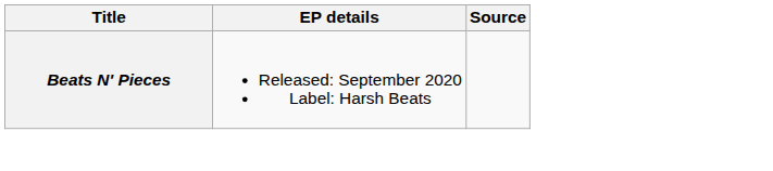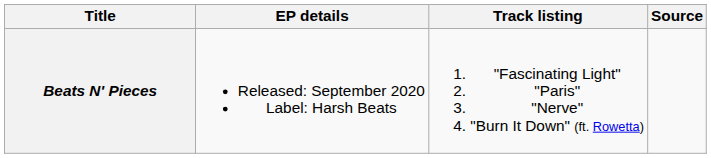 <table class="wikitable plainrowheaders" style="text-align:center;">
 <tr>
 <th scope="col" style="width:12em;">Title</th>
 <th scope="col">EP details</th>
+<th scope="col">Track listing</th>
 <th>Source</th>
 </tr>
 <tr>
 <th scope="row"><strong><em>Beats N' Pieces</em></strong></th>
 <td><br><ul><li>Released: September 2020</li><li>Label: Harsh Beats</li></ul></td>
+<td><br><ol><li>"Fascinating Light"</li><li>"Paris"</li><li>"Nerve"</li><li>"Burn It Down" <small>(ft. <a href='#'>Rowetta</a>)</small></li></ol></td>
 <td></td>
 </tr>
 </table>
